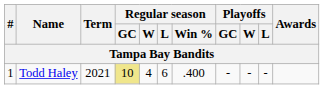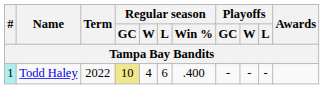 <table class="wikitable" style="text-align:center">
 <tr>
 <th rowspan="2">#</th>
 <th rowspan="2">Name</th>
 <th rowspan="2">Term</th>
 <th colspan="4">Regular season</th>
 <th colspan="3">Playoffs</th>
 <th rowspan="2">Awards</th>
 </tr>
 <tr>
 <th>GC</th>
 <th>W</th>
 <th>L</th>
 <th>Win %</th>
 <th>GC</th>
 <th>W</th>
 <th>L</th>
 </tr>
 <tr>
 <th colspan="11">Tampa Bay Bandits</th>
 </tr>
 <tr>
-<td>1</td>
+<td style="background: paleturquoise;">1</td>
 <td><a href='#'>Todd Haley</a></td>
-<td>2021</td>
+<td>2022</td>
 <td style="background: khaki;">10</td>
 <td>4</td>
 <td>6</td>
 <td>.400</td>
 <td>-</td>
 <td>-</td>
 <td>-</td>
 <td></td>
 </tr>
 </table>
